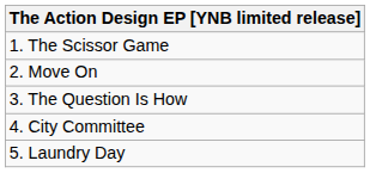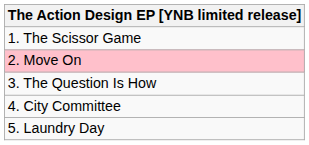 <table class="wikitable">
 <tr>
 <th>The Action Design EP [YNB limited release]</th>
 </tr>
 <tr>
 <td>1. The Scissor Game</td>
 </tr>
 <tr>
-<td>2. Move On</td>
+<td style="background: pink;">2. Move On</td>
 </tr>
 <tr>
 <td>3. The Question Is How</td>
 </tr>
 <tr>
 <td>4. City Committee</td>
 </tr>
 <tr>
 <td>5. Laundry Day</td>
 </tr>
 </table>
